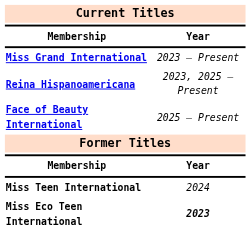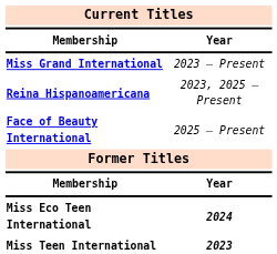 <table class="toccolours" style="width: 25em; font-size:80%; line-height:1.5em;">
 <tr>
 <th colspan="2" align="center" style="background:#FFDDCA;"><big>Current Titles</big></th>
 </tr>
 <tr>
 <td colspan="2" style="background:black"></td>
 </tr>
 <tr>
 <th scope="col">Membership</th>
 <th scope="col">Year</th>
 </tr>
 <tr>
 <td colspan="2" style="background:black"></td>
 </tr>
 <tr>
 <td align="left"><strong><a href='#'>Miss Grand International</a></strong></td>
 <td align="center"><em>2023 — Present</em></td>
 </tr>
 <tr>
 <td align="left"><strong><a href='#'>Reina Hispanoamericana</a></strong></td>
 <td align="center"><em>2023, 2025 — Present</em></td>
 </tr>
 <tr>
 <td align="left"><strong><a href='#'>Face of Beauty International</a></strong></td>
 <td align="center"><em>2025 — Present</em></td>
 </tr>
 <tr>
 <th colspan="2" align="center" style="background:#FFDDCA;"><big>Former Titles</big></th>
 </tr>
 <tr>
 <td colspan="2" style="background:black"></td>
 </tr>
 <tr>
 <th scope="col">Membership</th>
 <th scope="col">Year</th>
 </tr>
 <tr>
 <td colspan="2" style="background:black"></td>
 </tr>
 <tr>
-<td align="left"><strong>Miss Teen International</strong></td>
-<td align="center"><em>2024</em></td>
+<td align="left"><strong>Miss Eco Teen International</strong></td>
+<td align="center"><strong><em>2024</em></strong></td>
 </tr>
 <tr>
-<td align="left"><strong>Miss Eco Teen International</strong></td>
+<td align="left"><strong>Miss Teen International</strong></td>
 <td align="center"><strong><em>2023</em></strong></td>
 </tr>
 <tr>
 </tr>
 </table>
